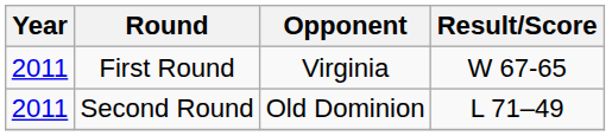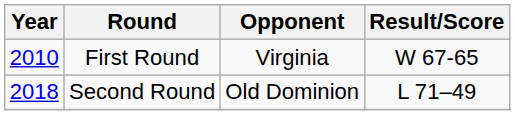 <table class="wikitable" style="text-align:center;">
 <tr>
 <th>Year</th>
 <th>Round</th>
 <th>Opponent</th>
 <th>Result/Score</th>
 </tr>
 <tr align="center">
-<td><a href='#'>2011</a></td>
+<td><a href='#'>2010</a></td>
 <td>First Round</td>
 <td>Virginia</td>
 <td>W 67-65</td>
 </tr>
 <tr align="center">
-<td><a href='#'>2011</a></td>
+<td><a href='#'>2018</a></td>
 <td>Second Round</td>
 <td>Old Dominion</td>
 <td>L 71–49</td>
 </tr>
 <tr align="center">
 </tr>
 </table>
